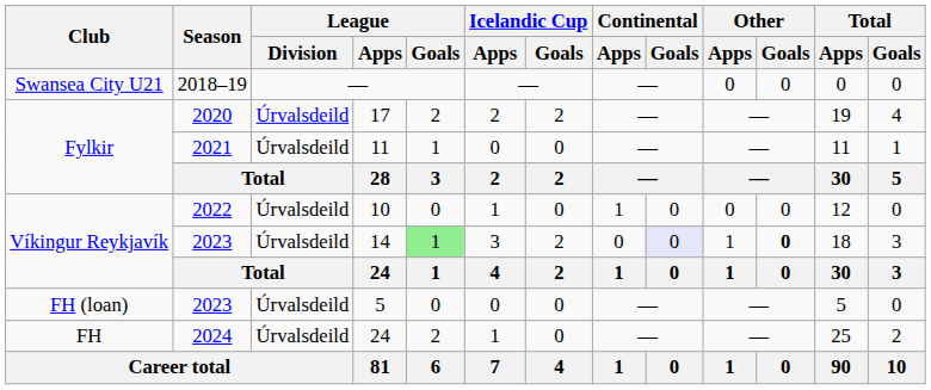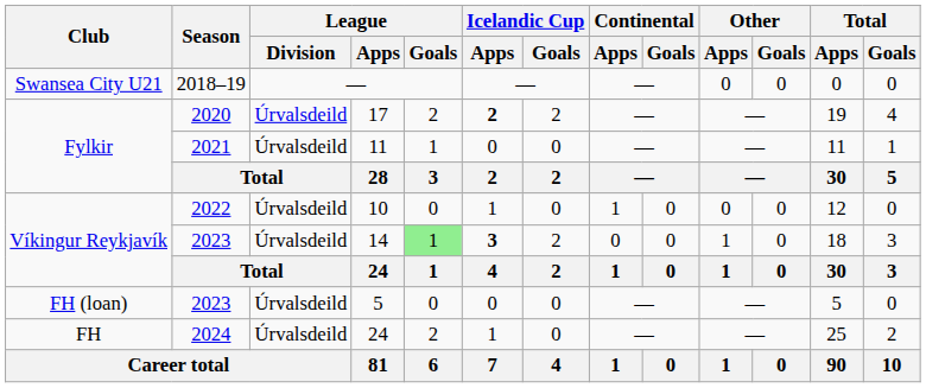 <table class="wikitable" style="text-align: center;">
 <tr>
 <th rowspan="2">Club</th>
 <th rowspan="2">Season</th>
 <th colspan="3">League</th>
 <th colspan="2"><a href='#'>Icelandic Cup</a></th>
 <th colspan="2">Continental</th>
 <th colspan="2">Other</th>
 <th colspan="2">Total</th>
 </tr>
 <tr>
 <th>Division</th>
 <th>Apps</th>
 <th>Goals</th>
 <th>Apps</th>
 <th>Goals</th>
 <th>Apps</th>
 <th>Goals</th>
 <th>Apps</th>
 <th>Goals</th>
 <th>Apps</th>
 <th>Goals</th>
 </tr>
 <tr>
 <td><a href='#'>Swansea City U21</a></td>
 <td>2018–19</td>
 <td colspan="3">—</td>
 <td colspan="2">—</td>
 <td colspan="2">—</td>
 <td>0</td>
 <td>0</td>
 <td>0</td>
 <td>0</td>
 </tr>
 <tr>
 <td rowspan="3"><a href='#'>Fylkir</a></td>
 <td><a href='#'>2020</a></td>
 <td><a href='#'>Úrvalsdeild</a></td>
 <td>17</td>
 <td>2</td>
-<td>2</td>
+<td><strong>2</strong></td>
 <td>2</td>
 <td colspan="2">—</td>
 <td colspan="2">—</td>
 <td>19</td>
 <td>4</td>
 </tr>
 <tr>
 <td><a href='#'>2021</a></td>
 <td>Úrvalsdeild</td>
 <td>11</td>
 <td>1</td>
 <td>0</td>
 <td>0</td>
 <td colspan="2">—</td>
 <td colspan="2">—</td>
 <td>11</td>
 <td>1</td>
 </tr>
 <tr>
 <th colspan="2">Total</th>
 <th>28</th>
 <th>3</th>
 <th>2</th>
 <th>2</th>
 <th colspan="2">—</th>
 <th colspan="2">—</th>
 <th>30</th>
 <th>5</th>
 </tr>
 <tr>
 <td rowspan="3"><a href='#'>Víkingur Reykjavík</a></td>
 <td><a href='#'>2022</a></td>
 <td>Úrvalsdeild</td>
 <td>10</td>
 <td>0</td>
 <td>1</td>
 <td>0</td>
 <td>1</td>
 <td>0</td>
 <td>0</td>
 <td>0</td>
 <td>12</td>
 <td>0</td>
 </tr>
 <tr>
 <td><a href='#'>2023</a></td>
 <td>Úrvalsdeild</td>
 <td>14</td>
 <td style="background: lightgreen;">1</td>
-<td>3</td>
+<td><strong>3</strong></td>
 <td>2</td>
 <td>0</td>
-<td style="background: lavender;">0</td>
+<td>0</td>
 <td>1</td>
-<td><strong>0</strong></td>
+<td>0</td>
 <td>18</td>
 <td>3</td>
 </tr>
 <tr>
 <th colspan="2">Total</th>
 <th>24</th>
 <th>1</th>
 <th>4</th>
 <th>2</th>
 <th>1</th>
 <th>0</th>
 <th>1</th>
 <th>0</th>
 <th>30</th>
 <th>3</th>
 </tr>
 <tr>
 <td><a href='#'>FH</a> (loan)</td>
 <td><a href='#'>2023</a></td>
 <td>Úrvalsdeild</td>
 <td>5</td>
 <td>0</td>
 <td>0</td>
 <td>0</td>
 <td colspan="2">—</td>
 <td colspan="2">—</td>
 <td>5</td>
 <td>0</td>
 </tr>
 <tr>
 <td>FH</td>
 <td><a href='#'>2024</a></td>
 <td>Úrvalsdeild</td>
 <td>24</td>
 <td>2</td>
 <td>1</td>
 <td>0</td>
 <td colspan="2">—</td>
 <td colspan="2">—</td>
 <td>25</td>
 <td>2</td>
 </tr>
 <tr>
 <th colspan="3">Career total</th>
 <th>81</th>
 <th>6</th>
 <th>7</th>
 <th>4</th>
 <th>1</th>
 <th>0</th>
 <th>1</th>
 <th>0</th>
 <th>90</th>
 <th>10</th>
 </tr>
 </table>
